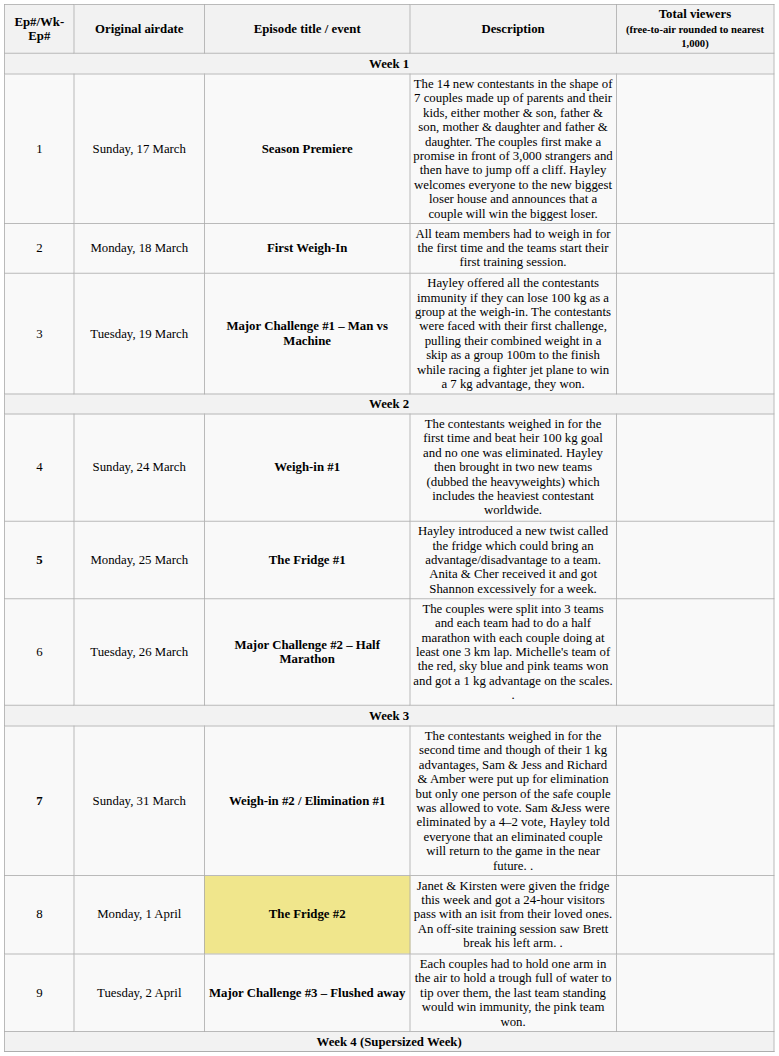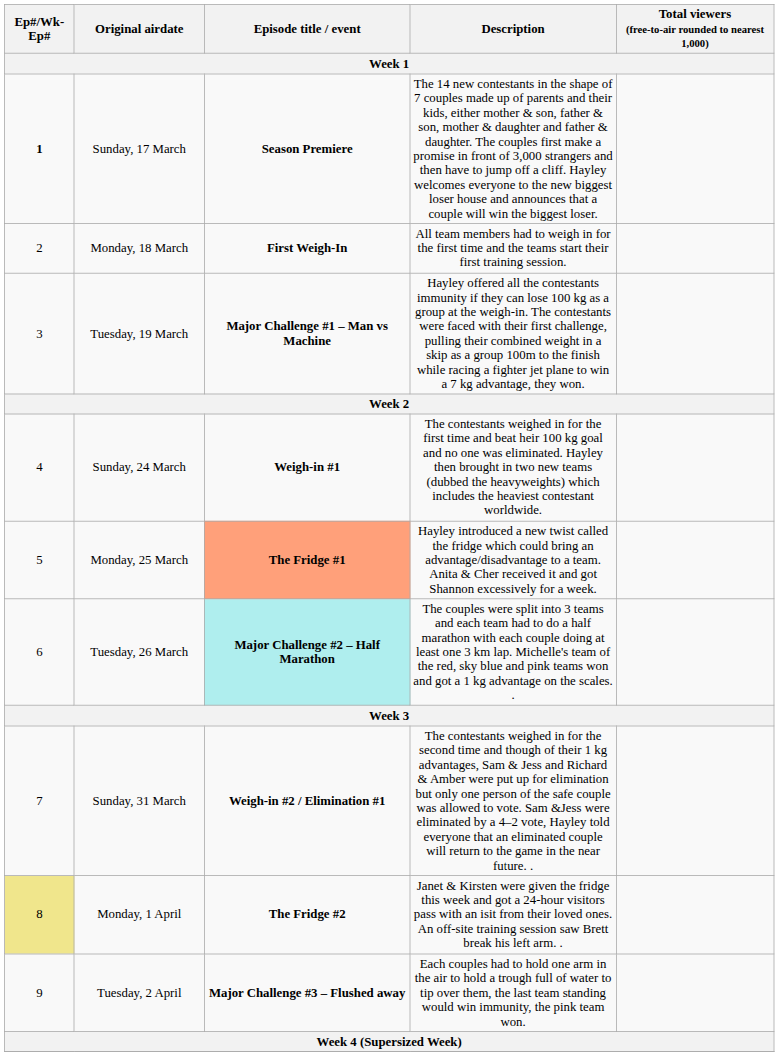 <table class="wikitable" style="text-align:center;">
 <tr>
 <th style="background-color:94 00 D3; width:80px">Ep#/Wk-Ep#</th>
 <th style="background-color:94 00 D3; width:155px">Original airdate</th>
 <th style="background-color:94 00 D3; width:250px">Episode title / event</th>
 <th style="background-color:94 00 D3; width:250px">Description</th>
 <th style="background-color:94 00 D3; width:190px">Total viewers<br><small>(free-to-air rounded to nearest 1,000)</small></th>
 </tr>
 <tr>
 <th colspan=5 style="background-color:94 00 D3">Week 1</th>
 </tr>
 <tr>
-<td height="10">1</td>
+<td height="10"><strong>1</strong></td>
 <td>Sunday, 17 March</td>
 <td><strong>Season Premiere</strong></td>
 <td>The 14 new contestants in the shape of 7 couples made up of parents and their kids, either mother & son, father & son, mother & daughter and father & daughter. The couples first make a promise in front of 3,000 strangers and then have to jump off a cliff. Hayley welcomes everyone to the new biggest loser house and announces that a couple will win the biggest loser.</td>
 <td></td>
 </tr>
 <tr>
 <td height="10">2</td>
 <td>Monday, 18 March</td>
 <td><strong>First Weigh-In</strong></td>
 <td>All team members had to weigh in for the first time and the teams start their first training session.</td>
 <td></td>
 </tr>
 <tr>
 <td height="10">3</td>
 <td>Tuesday, 19 March</td>
 <td><strong>Major Challenge #1 – Man vs Machine<br></strong></td>
 <td>Hayley offered all the contestants immunity if they can lose 100 kg as a group at the weigh-in. The contestants were faced with their first challenge, pulling their combined weight in a skip as a group 100m to the finish while racing a fighter jet plane to win a 7 kg advantage, they won.</td>
 <td></td>
 </tr>
 <tr>
 <th colspan=5 style="background-color:94 00 D3">Week 2</th>
 </tr>
 <tr>
 <td height="10">4</td>
 <td>Sunday, 24 March</td>
 <td><strong>Weigh-in #1</strong></td>
 <td>The contestants weighed in for the first time and beat heir 100 kg goal and no one was eliminated. Hayley then brought in two new teams (dubbed the heavyweights) which includes the heaviest contestant worldwide.</td>
 <td></td>
 </tr>
 <tr>
-<td height="10"><strong>5</strong></td>
+<td height="10">5</td>
 <td>Monday, 25 March</td>
-<td><strong>The Fridge #1</strong></td>
+<td style="background: lightsalmon;"><strong>The Fridge #1</strong></td>
 <td>Hayley introduced a new twist called the fridge which could bring an advantage/disadvantage to a team. Anita & Cher received it and got Shannon excessively for a week.</td>
 <td></td>
 </tr>
 <tr>
 <td height="10">6</td>
 <td>Tuesday, 26 March</td>
-<td><strong>Major Challenge #2 – Half Marathon<br></strong></td>
+<td style="background: paleturquoise;"><strong>Major Challenge #2 – Half Marathon<br></strong></td>
 <td>The couples were split into 3 teams and each team had to do a half marathon with each couple doing at least one 3 km lap. Michelle's team of the red, sky blue and pink teams won and got a 1 kg advantage on the scales. .</td>
 <td></td>
 </tr>
 <tr>
 <th colspan=5 style="background-color:94 00 D3">Week 3</th>
 </tr>
 <tr>
-<td height="10"><strong>7</strong></td>
+<td height="10">7</td>
 <td>Sunday, 31 March</td>
 <td><strong>Weigh-in #2 / Elimination #1</strong></td>
 <td>The contestants weighed in for the second time and though of their 1 kg advantages, Sam & Jess and Richard & Amber were put up for elimination but only one person of the safe couple was allowed to vote. Sam &Jess were eliminated by a 4–2 vote, Hayley told everyone that an eliminated couple will return to the game in the near future. .</td>
 <td></td>
 </tr>
 <tr>
-<td height="10">8</td>
+<td height="10" style="background: khaki;">8</td>
 <td>Monday, 1 April</td>
-<td style="background: khaki;"><strong>The Fridge #2</strong></td>
+<td><strong>The Fridge #2</strong></td>
 <td>Janet & Kirsten were given the fridge this week and got a 24-hour visitors pass with an isit from their loved ones. An off-site training session saw Brett break his left arm. .</td>
 <td></td>
 </tr>
 <tr>
 <td height="10">9</td>
 <td>Tuesday, 2 April</td>
 <td><strong>Major Challenge #3 – Flushed away<br></strong></td>
 <td>Each couples had to hold one arm in the air to hold a trough full of water to tip over them, the last team standing would win immunity, the pink team won.</td>
 <td></td>
 </tr>
 <tr>
 <th colspan=5 style="background-color:94 00 D3">Week 4 (Supersized Week)</th>
 </tr>
 <tr>
 </tr>
 </table>
